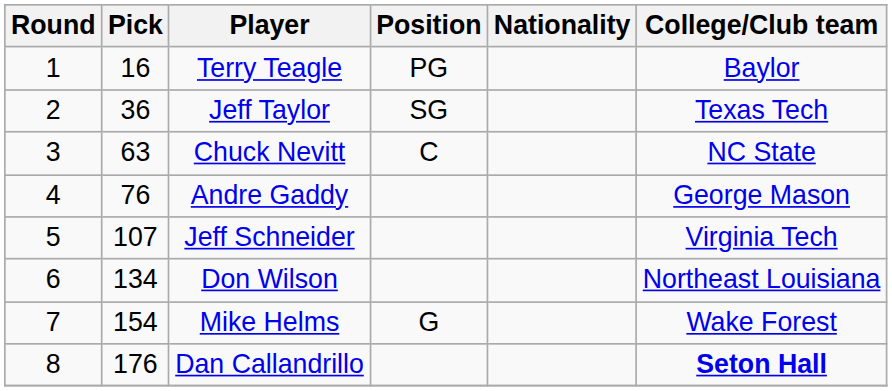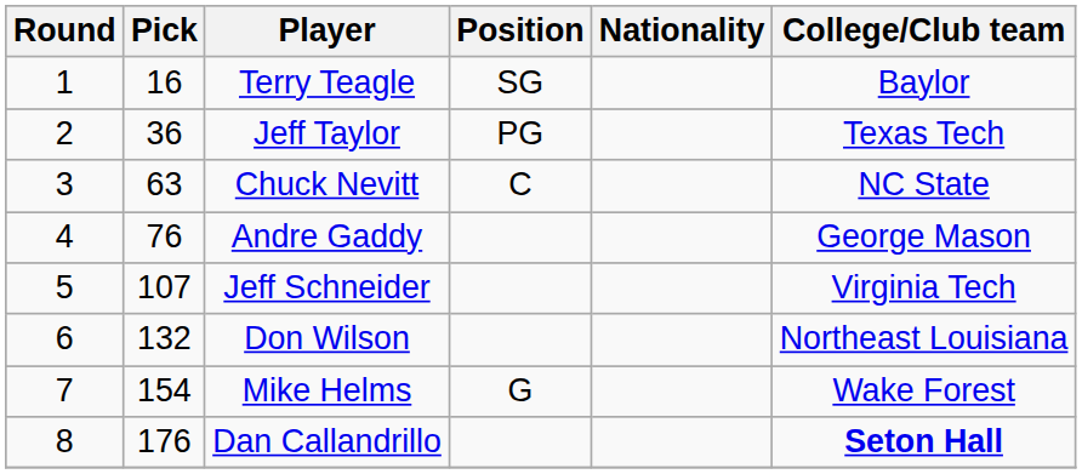 <table class="wikitable sortable sortable">
 <tr>
 <th>Round</th>
 <th>Pick</th>
 <th>Player</th>
 <th>Position</th>
 <th>Nationality</th>
 <th>College/Club team</th>
 </tr>
 <tr style="text-align: center">
 <td>1</td>
 <td>16</td>
 <td><a href='#'>Terry Teagle</a></td>
-<td>PG</td>
+<td>SG</td>
 <td></td>
 <td><a href='#'>Baylor</a></td>
 </tr>
 <tr style="text-align: center">
 <td>2</td>
 <td>36</td>
 <td><a href='#'>Jeff Taylor</a></td>
-<td>SG</td>
+<td>PG</td>
 <td></td>
 <td><a href='#'>Texas Tech</a></td>
 </tr>
 <tr style="text-align: center">
 <td>3</td>
 <td>63</td>
 <td><a href='#'>Chuck Nevitt</a></td>
 <td>C</td>
 <td></td>
 <td><a href='#'>NC State</a></td>
 </tr>
 <tr style="text-align: center">
 <td>4</td>
 <td>76</td>
 <td><a href='#'>Andre Gaddy</a></td>
 <td></td>
 <td></td>
 <td><a href='#'>George Mason</a></td>
 </tr>
 <tr style="text-align: center">
 <td>5</td>
 <td>107</td>
 <td><a href='#'>Jeff Schneider</a></td>
 <td></td>
 <td></td>
 <td><a href='#'>Virginia Tech</a></td>
 </tr>
 <tr style="text-align: center">
 <td>6</td>
-<td>134</td>
+<td>132</td>
 <td><a href='#'>Don Wilson</a></td>
 <td></td>
 <td></td>
 <td><a href='#'>Northeast Louisiana</a></td>
 </tr>
 <tr style="text-align: center">
 <td>7</td>
 <td>154</td>
 <td><a href='#'>Mike Helms</a></td>
 <td>G</td>
 <td></td>
 <td><a href='#'>Wake Forest</a></td>
 </tr>
 <tr style="text-align: center">
 <td>8</td>
 <td>176</td>
 <td><a href='#'>Dan Callandrillo</a></td>
 <td></td>
 <td></td>
 <td><strong><a href='#'>Seton Hall</a></strong></td>
 </tr>
 <tr style="text-align: center">
 </tr>
 </table>
